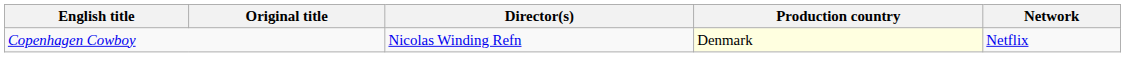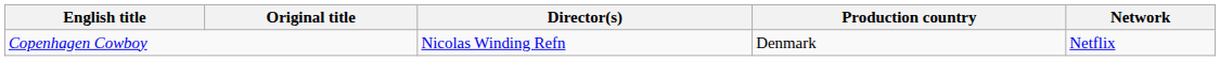 <table class="wikitable" style="width:95%; margin-bottom:2px">
 <tr>
 <th>English title</th>
 <th>Original title</th>
 <th>Director(s)</th>
 <th>Production country</th>
 <th>Network</th>
 </tr>
 <tr>
 <td colspan="2"><em><a href='#'>Copenhagen Cowboy</a></em></td>
 <td><a href='#'>Nicolas Winding Refn</a></td>
-<td style="background: lightyellow;">Denmark</td>
+<td>Denmark</td>
 <td><a href='#'>Netflix</a></td>
 </tr>
 </table>
